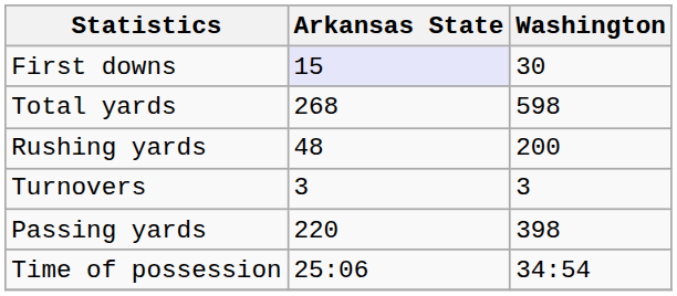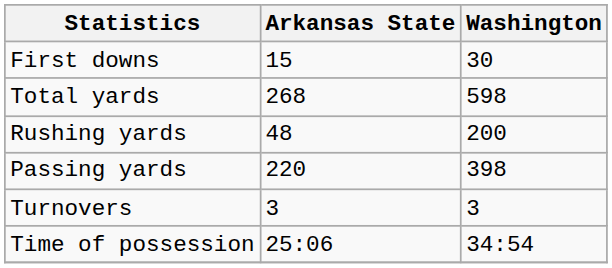 <table class="wikitable">
 <tr>
 <th>Statistics</th>
 <th>Arkansas State</th>
 <th>Washington</th>
 </tr>
 <tr>
 <td>First downs</td>
-<td style="background: lavender;">15</td>
+<td>15</td>
 <td>30</td>
 </tr>
 <tr>
 <td>Total yards</td>
 <td>268</td>
 <td>598</td>
 </tr>
 <tr>
 <td>Rushing yards</td>
 <td>48</td>
 <td>200</td>
 </tr>
 <tr>
+<td>Passing yards</td>
+<td>220</td>
+<td>398</td>
+</tr>
+<tr>
 <td>Turnovers</td>
 <td>3</td>
 <td>3</td>
-</tr>
-<tr>
-<td>Passing yards</td>
-<td>220</td>
-<td>398</td>
 </tr>
 <tr>
 <td>Time of possession</td>
 <td>25:06</td>
 <td>34:54</td>
 </tr>
 <tr>
 </tr>
 </table>
